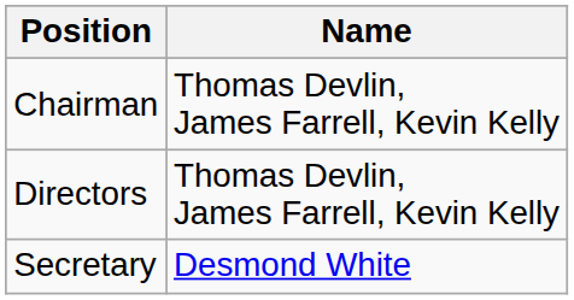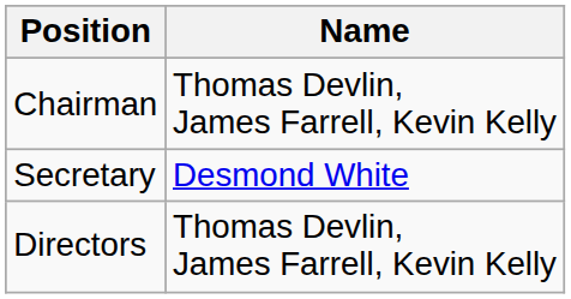 <table class="wikitable">
 <tr>
 <th>Position</th>
 <th>Name</th>
 </tr>
 <tr>
 <td>Chairman</td>
 <td>Thomas Devlin,<br>James Farrell, Kevin Kelly</td>
 </tr>
 <tr>
+<td>Secretary</td>
+<td><a href='#'>Desmond White</a></td>
+</tr>
+<tr>
 <td>Directors</td>
 <td>Thomas Devlin,<br>James Farrell, Kevin Kelly</td>
 </tr>
-<tr>
-<td>Secretary</td>
-<td><a href='#'>Desmond White</a></td>
-</tr>
 </table>
